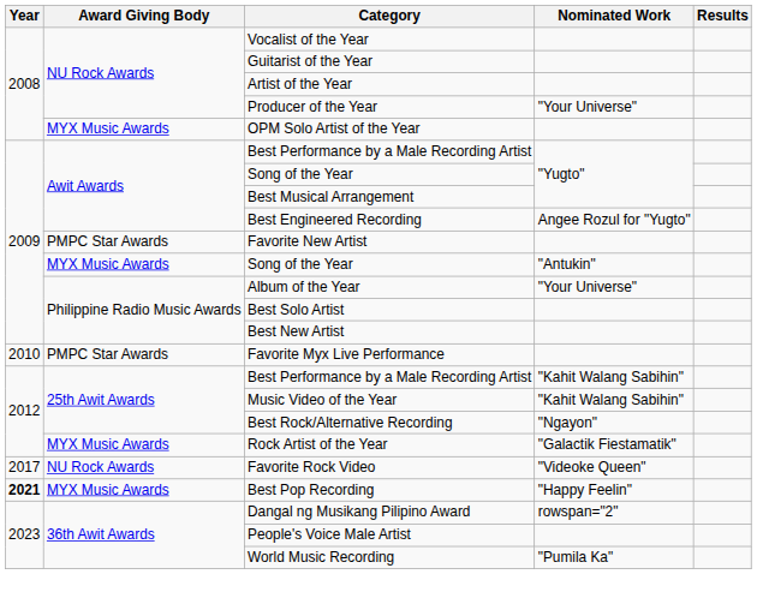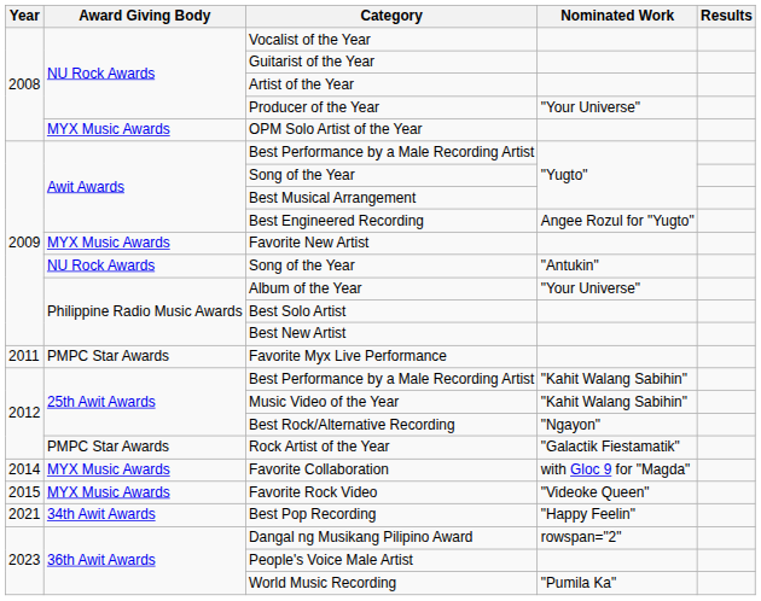 <table class="wikitable">
 <tr>
 <th>Year</th>
 <th>Award Giving Body</th>
 <th>Category</th>
 <th>Nominated Work</th>
 <th>Results</th>
 </tr>
 <tr>
 <td rowspan=5>2008</td>
 <td rowspan=4><a href='#'>NU Rock Awards</a></td>
 <td>Vocalist of the Year</td>
 <td></td>
 <td></td>
 </tr>
 <tr>
 <td>Guitarist of the Year</td>
 <td></td>
 <td></td>
 </tr>
 <tr>
 <td>Artist of the Year</td>
 <td></td>
 <td></td>
 </tr>
 <tr>
 <td>Producer of the Year</td>
 <td>"Your Universe"</td>
 <td></td>
 </tr>
 <tr>
 <td><a href='#'>MYX Music Awards</a></td>
 <td>OPM Solo Artist of the Year</td>
 <td></td>
 <td></td>
 </tr>
 <tr>
 <td rowspan=9>2009</td>
 <td rowspan=4><a href='#'>Awit Awards</a></td>
 <td>Best Performance by a Male Recording Artist</td>
 <td rowspan=3>"Yugto"</td>
 <td></td>
 </tr>
 <tr>
 <td>Song of the Year</td>
 <td></td>
 </tr>
 <tr>
 <td>Best Musical Arrangement</td>
 <td></td>
 </tr>
 <tr>
 <td>Best Engineered Recording</td>
 <td>Angee Rozul for "Yugto"</td>
 <td></td>
 </tr>
 <tr>
-<td>PMPC Star Awards</td>
+<td><a href='#'>MYX Music Awards</a></td>
 <td>Favorite New Artist</td>
 <td></td>
 <td></td>
 </tr>
 <tr>
-<td><a href='#'>MYX Music Awards</a></td>
+<td><a href='#'>NU Rock Awards</a></td>
 <td>Song of the Year</td>
 <td>"Antukin"</td>
 <td></td>
 </tr>
 <tr>
 <td rowspan=3>Philippine Radio Music Awards</td>
 <td>Album of the Year</td>
 <td>"Your Universe"</td>
 <td></td>
 </tr>
 <tr>
 <td>Best Solo Artist</td>
 <td></td>
 <td></td>
 </tr>
 <tr>
 <td>Best New Artist</td>
 <td></td>
 <td></td>
 </tr>
 <tr>
-<td>2010</td>
+<td>2011</td>
 <td>PMPC Star Awards</td>
 <td>Favorite Myx Live Performance</td>
 <td></td>
 <td></td>
 </tr>
 <tr>
 <td rowspan="4">2012</td>
 <td rowspan=3><a href='#'>25th Awit Awards</a></td>
 <td>Best Performance by a Male Recording Artist</td>
 <td>"Kahit Walang Sabihin"</td>
 <td></td>
 </tr>
 <tr>
 <td>Music Video of the Year</td>
 <td>"Kahit Walang Sabihin"</td>
 <td></td>
 </tr>
 <tr>
 <td>Best Rock/Alternative Recording</td>
 <td>"Ngayon"</td>
 <td></td>
 </tr>
 <tr>
-<td><a href='#'>MYX Music Awards</a></td>
+<td>PMPC Star Awards</td>
 <td>Rock Artist of the Year</td>
 <td>"Galactik Fiestamatik"</td>
 <td></td>
 </tr>
 <tr>
-<td>2017</td>
-<td><a href='#'>NU Rock Awards</a></td>
+<td>2014</td>
+<td><a href='#'>MYX Music Awards</a></td>
+<td>Favorite Collaboration</td>
+<td>with <a href='#'>Gloc 9</a> for "Magda"</td>
+<td></td>
+</tr>
+<tr>
+<td>2015</td>
+<td><a href='#'>MYX Music Awards</a></td>
 <td>Favorite Rock Video</td>
 <td>"Videoke Queen"</td>
 <td></td>
 </tr>
 <tr>
-<td><strong>2021</strong></td>
-<td><a href='#'>MYX Music Awards</a></td>
+<td>2021</td>
+<td><a href='#'>34th Awit Awards</a></td>
 <td>Best Pop Recording</td>
 <td>"Happy Feelin"</td>
 <td></td>
 </tr>
 <tr>
 <td rowspan="3">2023</td>
 <td rowspan="3"><a href='#'>36th Awit Awards</a></td>
 <td>Dangal ng Musikang Pilipino Award</td>
 <td>rowspan="2" </td>
 <td></td>
 </tr>
 <tr>
 <td>People's Voice Male Artist</td>
 <td></td>
 </tr>
 <tr>
 <td>World Music Recording</td>
 <td>"Pumila Ka"</td>
 <td></td>
 </tr>
 </table>
